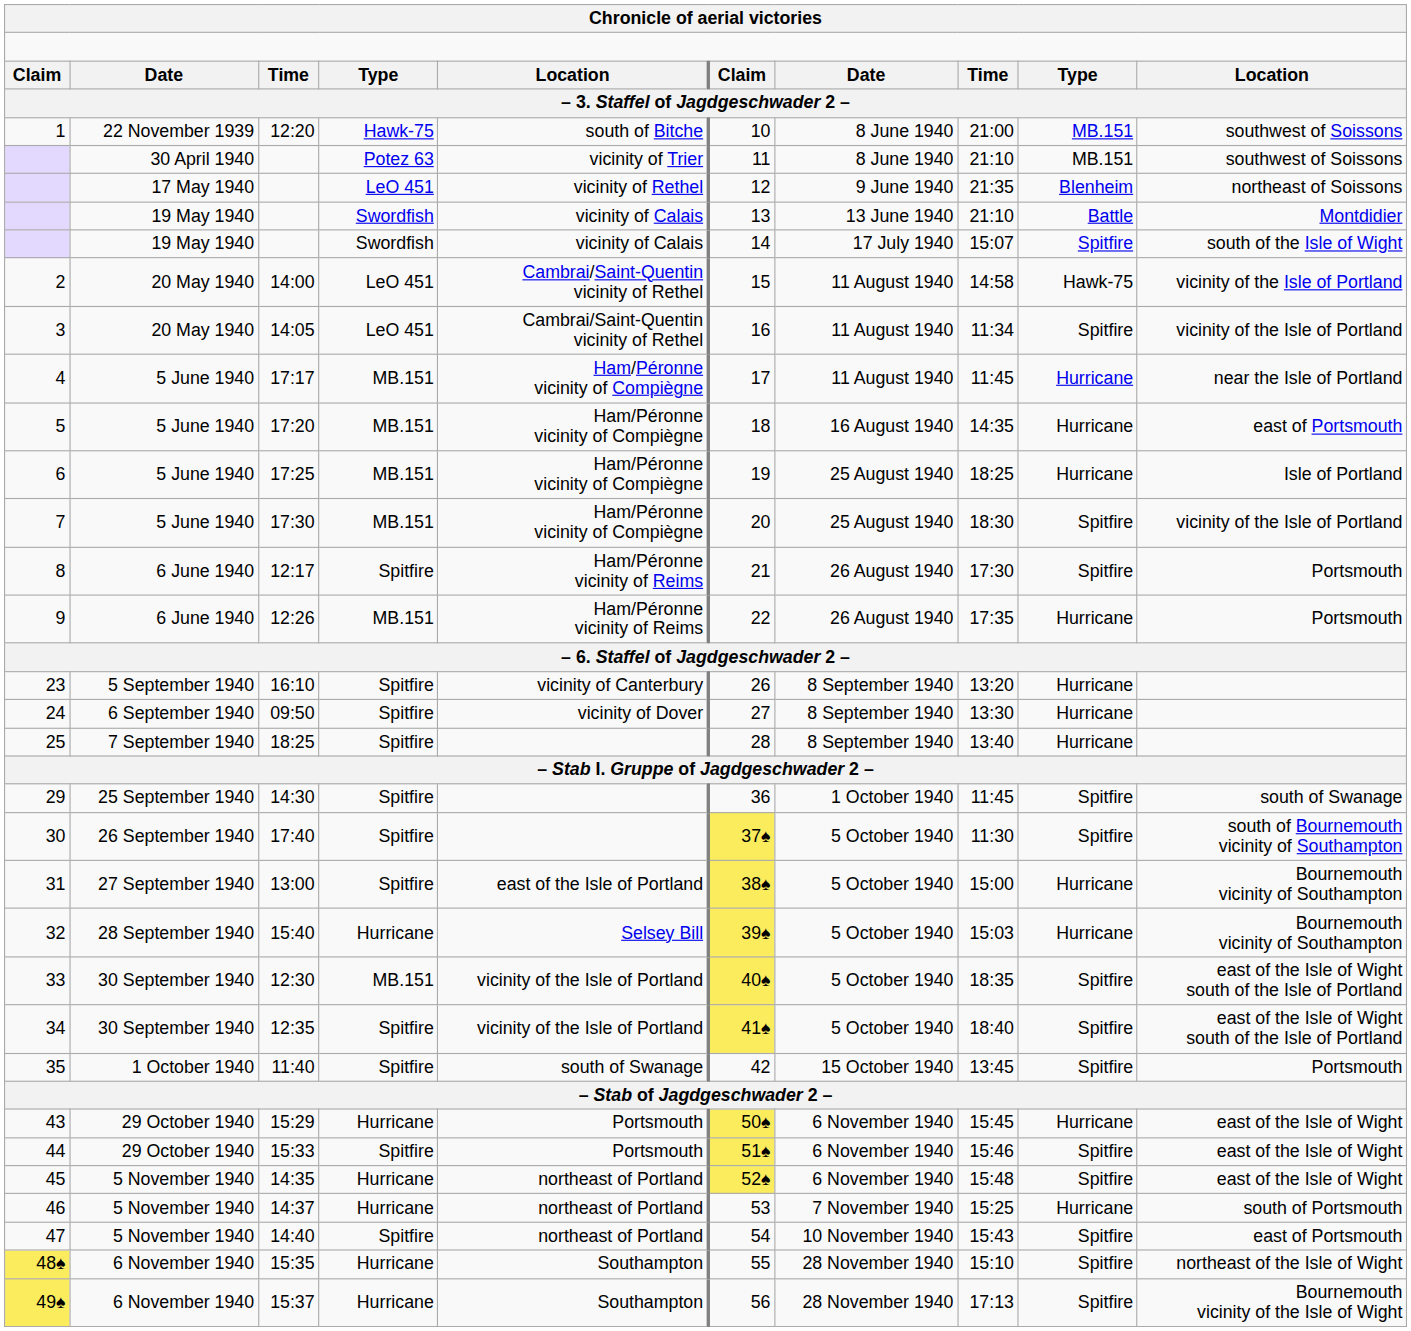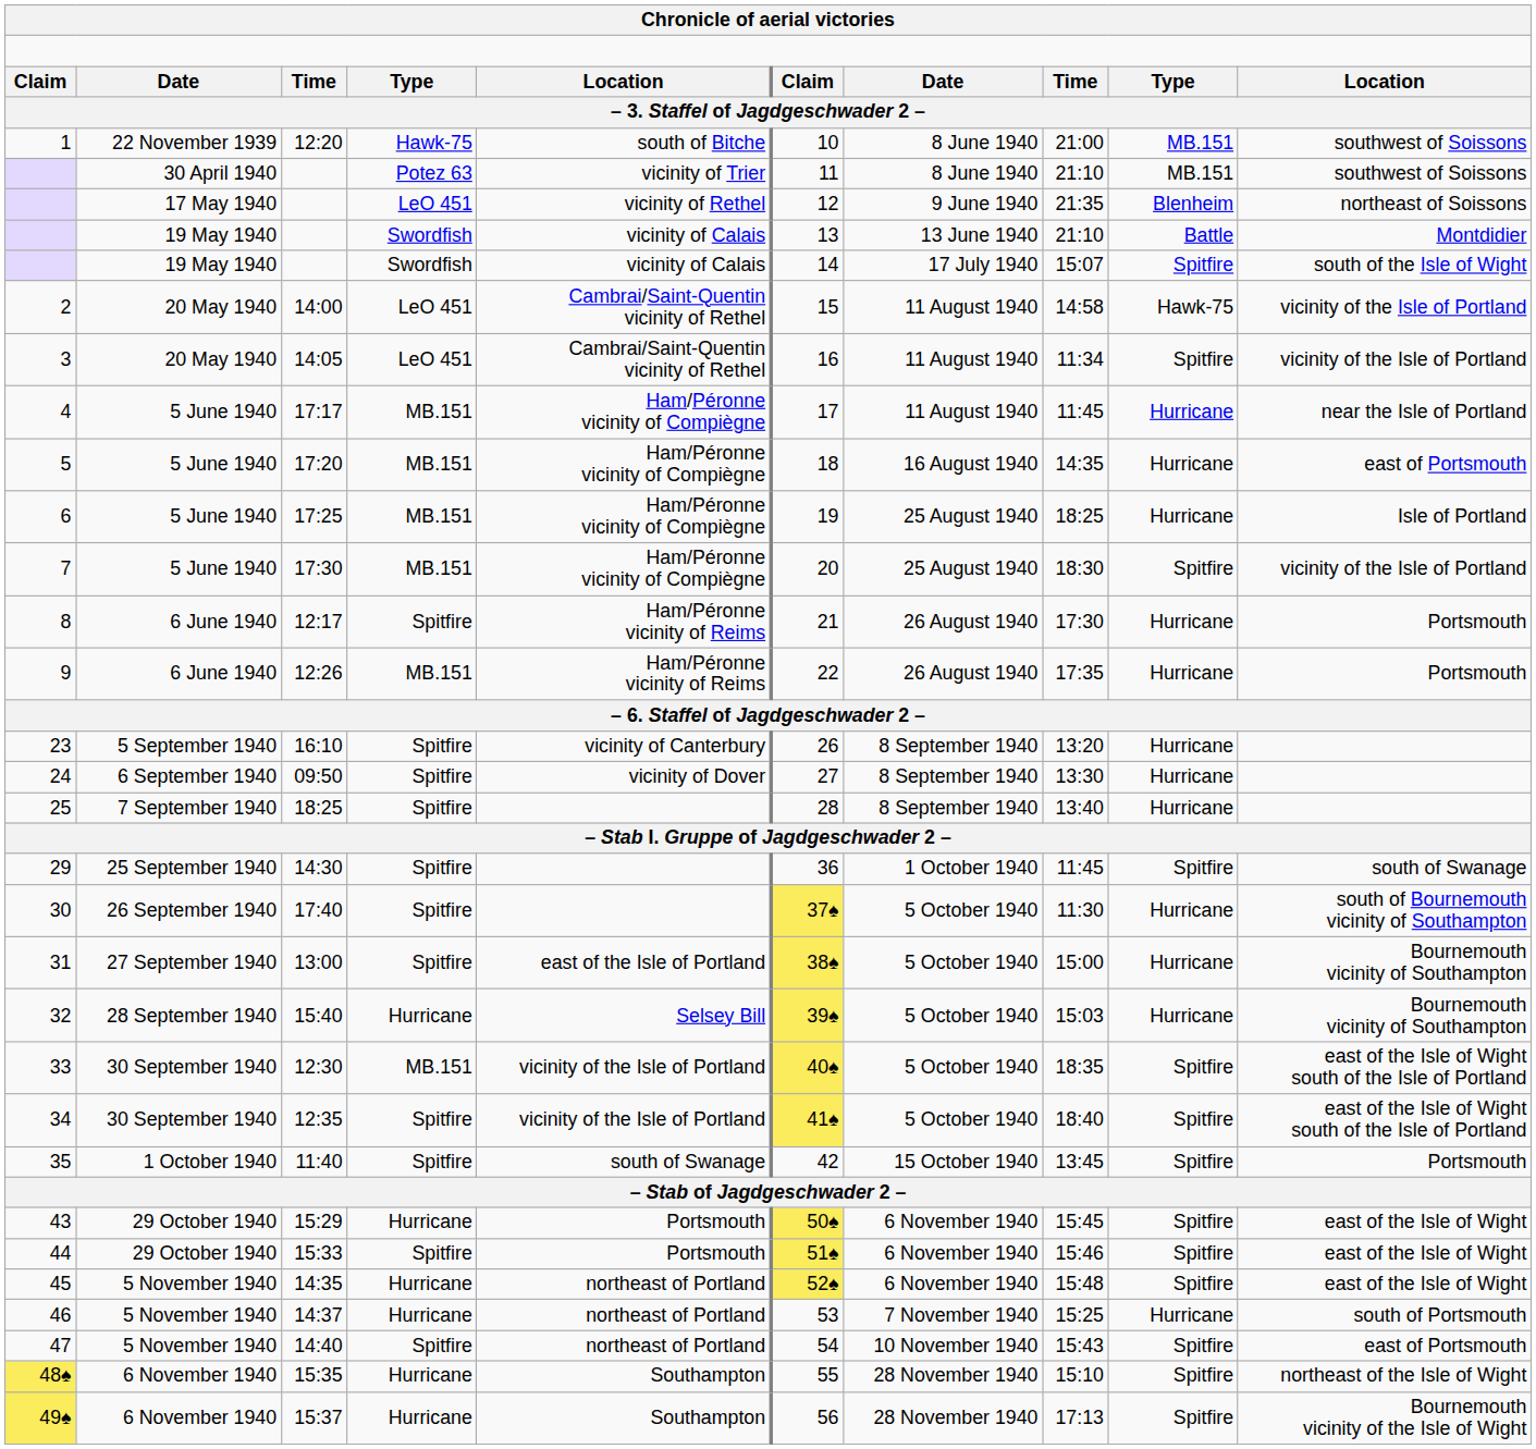 <table class="wikitable plainrowheaders collapsible" style="margin-left: auto; margin-right: auto; border: none; text-align:right; width: 100%;">
 <tr>
 <th colspan="10">Chronicle of aerial victories</th>
 </tr>
 <tr>
 <td colspan="10" style="text-align: left;"><br> </td>
 </tr>
 <tr>
 <th scope="col">Claim</th>
 <th scope="col">Date</th>
 <th scope="col">Time</th>
 <th scope="col" width="100px">Type</th>
 <th scope="col">Location</th>
 <th scope="col" style="border-left: 3px solid grey;">Claim</th>
 <th scope="col">Date</th>
 <th scope="col">Time</th>
 <th scope="col" width="100px">Type</th>
 <th scope="col">Location</th>
 </tr>
 <tr>
 <th colspan="10">– 3. <em>Staffel</em> of <em>Jagdgeschwader</em> 2 –</th>
 </tr>
 <tr>
 <td>1</td>
 <td>22 November 1939</td>
 <td>12:20</td>
 <td><a href='#'>Hawk-75</a></td>
 <td>south of <a href='#'>Bitche</a></td>
 <td style="border-left: 3px solid grey;">10</td>
 <td>8 June 1940</td>
 <td>21:00</td>
 <td><a href='#'>MB.151</a></td>
 <td>southwest of <a href='#'>Soissons</a></td>
 </tr>
 <tr>
 <td style="background:#e3d9ff;"></td>
 <td>30 April 1940</td>
 <td></td>
 <td><a href='#'>Potez 63</a></td>
 <td>vicinity of <a href='#'>Trier</a></td>
 <td style="border-left: 3px solid grey;">11</td>
 <td>8 June 1940</td>
 <td>21:10</td>
 <td>MB.151</td>
 <td>southwest of Soissons</td>
 </tr>
 <tr>
 <td style="background:#e3d9ff;"></td>
 <td>17 May 1940</td>
 <td></td>
 <td><a href='#'>LeO 451</a></td>
 <td>vicinity of <a href='#'>Rethel</a></td>
 <td style="border-left: 3px solid grey;">12</td>
 <td>9 June 1940</td>
 <td>21:35</td>
 <td><a href='#'>Blenheim</a></td>
 <td>northeast of Soissons</td>
 </tr>
 <tr>
 <td style="background:#e3d9ff;"></td>
 <td>19 May 1940</td>
 <td></td>
 <td><a href='#'>Swordfish</a></td>
 <td>vicinity of <a href='#'>Calais</a></td>
 <td style="border-left: 3px solid grey;">13</td>
 <td>13 June 1940</td>
 <td>21:10</td>
 <td><a href='#'>Battle</a></td>
 <td><a href='#'>Montdidier</a></td>
 </tr>
 <tr>
 <td style="background:#e3d9ff;"></td>
 <td>19 May 1940</td>
 <td></td>
 <td>Swordfish</td>
 <td>vicinity of Calais</td>
 <td style="border-left: 3px solid grey;">14</td>
 <td>17 July 1940</td>
 <td>15:07</td>
 <td><a href='#'>Spitfire</a></td>
 <td>south of the <a href='#'>Isle of Wight</a></td>
 </tr>
 <tr>
 <td>2</td>
 <td>20 May 1940</td>
 <td>14:00</td>
 <td>LeO 451</td>
 <td><a href='#'>Cambrai</a>/<a href='#'>Saint-Quentin</a><br>vicinity of Rethel</td>
 <td style="border-left: 3px solid grey;">15</td>
 <td>11 August 1940</td>
 <td>14:58</td>
 <td>Hawk-75</td>
 <td>vicinity of the <a href='#'>Isle of Portland</a></td>
 </tr>
 <tr>
 <td>3</td>
 <td>20 May 1940</td>
 <td>14:05</td>
 <td>LeO 451</td>
 <td>Cambrai/Saint-Quentin<br>vicinity of Rethel</td>
 <td style="border-left: 3px solid grey;">16</td>
 <td>11 August 1940</td>
 <td>11:34</td>
 <td>Spitfire</td>
 <td>vicinity of the Isle of Portland</td>
 </tr>
 <tr>
 <td>4</td>
 <td>5 June 1940</td>
 <td>17:17</td>
 <td>MB.151</td>
 <td><a href='#'>Ham</a>/<a href='#'>Péronne</a><br>vicinity of <a href='#'>Compiègne</a></td>
 <td style="border-left: 3px solid grey;">17</td>
 <td>11 August 1940</td>
 <td>11:45</td>
 <td><a href='#'>Hurricane</a></td>
 <td> near the Isle of Portland</td>
 </tr>
 <tr>
 <td>5</td>
 <td>5 June 1940</td>
 <td>17:20</td>
 <td>MB.151</td>
 <td>Ham/Péronne<br>vicinity of Compiègne</td>
 <td style="border-left: 3px solid grey;">18</td>
 <td>16 August 1940</td>
 <td>14:35</td>
 <td>Hurricane</td>
 <td>east of <a href='#'>Portsmouth</a></td>
 </tr>
 <tr>
 <td>6</td>
 <td>5 June 1940</td>
 <td>17:25</td>
 <td>MB.151</td>
 <td>Ham/Péronne<br>vicinity of Compiègne</td>
 <td style="border-left: 3px solid grey;">19</td>
 <td>25 August 1940</td>
 <td>18:25</td>
 <td>Hurricane</td>
 <td>Isle of Portland</td>
 </tr>
 <tr>
 <td>7</td>
 <td>5 June 1940</td>
 <td>17:30</td>
 <td>MB.151</td>
 <td>Ham/Péronne<br>vicinity of Compiègne</td>
 <td style="border-left: 3px solid grey;">20</td>
 <td>25 August 1940</td>
 <td>18:30</td>
 <td>Spitfire</td>
 <td>vicinity of the Isle of Portland</td>
 </tr>
 <tr>
 <td>8</td>
 <td>6 June 1940</td>
 <td>12:17</td>
 <td>Spitfire</td>
 <td>Ham/Péronne<br>vicinity of <a href='#'>Reims</a></td>
 <td style="border-left: 3px solid grey;">21</td>
 <td>26 August 1940</td>
 <td>17:30</td>
-<td>Spitfire</td>
+<td>Hurricane</td>
 <td>Portsmouth</td>
 </tr>
 <tr>
 <td>9</td>
 <td>6 June 1940</td>
 <td>12:26</td>
 <td>MB.151</td>
 <td>Ham/Péronne<br>vicinity of Reims</td>
 <td style="border-left: 3px solid grey;">22</td>
 <td>26 August 1940</td>
 <td>17:35</td>
 <td>Hurricane</td>
 <td>Portsmouth</td>
 </tr>
 <tr>
 <th colspan="10">– 6. <em>Staffel</em> of <em>Jagdgeschwader</em> 2 –</th>
 </tr>
 <tr>
 <td>23</td>
 <td>5 September 1940</td>
 <td>16:10</td>
 <td>Spitfire</td>
 <td>vicinity of Canterbury</td>
 <td style="border-left: 3px solid grey;">26</td>
 <td>8 September 1940</td>
 <td>13:20</td>
 <td>Hurricane</td>
 <td></td>
 </tr>
 <tr>
 <td>24</td>
 <td>6 September 1940</td>
 <td>09:50</td>
 <td>Spitfire</td>
 <td>vicinity of Dover</td>
 <td style="border-left: 3px solid grey;">27</td>
 <td>8 September 1940</td>
 <td>13:30</td>
 <td>Hurricane</td>
 <td></td>
 </tr>
 <tr>
 <td>25</td>
 <td>7 September 1940</td>
 <td>18:25</td>
 <td>Spitfire</td>
 <td></td>
 <td style="border-left: 3px solid grey;">28</td>
 <td>8 September 1940</td>
 <td>13:40</td>
 <td>Hurricane</td>
 <td></td>
 </tr>
 <tr>
 <th colspan="10">– <em>Stab</em> I. <em>Gruppe</em> of <em>Jagdgeschwader</em> 2 –</th>
 </tr>
 <tr>
 <td>29</td>
 <td>25 September 1940</td>
 <td>14:30</td>
 <td>Spitfire</td>
 <td></td>
 <td style="border-left: 3px solid grey;">36</td>
 <td>1 October 1940</td>
 <td>11:45</td>
 <td>Spitfire</td>
 <td>south of Swanage</td>
 </tr>
 <tr>
 <td>30</td>
 <td>26 September 1940</td>
 <td>17:40</td>
 <td>Spitfire</td>
 <td></td>
 <td style="border-left: 3px solid grey; background:#fbec5d;">37♠</td>
 <td>5 October 1940</td>
 <td>11:30</td>
-<td>Spitfire</td>
+<td>Hurricane</td>
 <td>south of <a href='#'>Bournemouth</a><br>vicinity of <a href='#'>Southampton</a></td>
 </tr>
 <tr>
 <td>31</td>
 <td>27 September 1940</td>
 <td>13:00</td>
 <td>Spitfire</td>
 <td>east of the Isle of Portland</td>
 <td style="border-left: 3px solid grey; background:#fbec5d;">38♠</td>
 <td>5 October 1940</td>
 <td>15:00</td>
 <td>Hurricane</td>
 <td>Bournemouth<br>vicinity of Southampton</td>
 </tr>
 <tr>
 <td>32</td>
 <td>28 September 1940</td>
 <td>15:40</td>
 <td>Hurricane</td>
 <td><a href='#'>Selsey Bill</a></td>
 <td style="border-left: 3px solid grey; background:#fbec5d;">39♠</td>
 <td>5 October 1940</td>
 <td>15:03</td>
 <td>Hurricane</td>
 <td>Bournemouth<br>vicinity of Southampton</td>
 </tr>
 <tr>
 <td>33</td>
 <td>30 September 1940</td>
 <td>12:30</td>
 <td>MB.151</td>
 <td>vicinity of the Isle of Portland</td>
 <td style="border-left: 3px solid grey; background:#fbec5d;">40♠</td>
 <td>5 October 1940</td>
 <td>18:35</td>
 <td>Spitfire</td>
 <td>east of the Isle of Wight<br>south of the Isle of Portland</td>
 </tr>
 <tr>
 <td>34</td>
 <td>30 September 1940</td>
 <td>12:35</td>
 <td>Spitfire</td>
 <td>vicinity of the Isle of Portland</td>
 <td style="border-left: 3px solid grey; background:#fbec5d;">41♠</td>
 <td>5 October 1940</td>
 <td>18:40</td>
 <td>Spitfire</td>
 <td>east of the Isle of Wight<br>south of the Isle of Portland</td>
 </tr>
 <tr>
 <td>35</td>
 <td>1 October 1940</td>
 <td>11:40</td>
 <td>Spitfire</td>
 <td>south of Swanage</td>
 <td style="border-left: 3px solid grey;">42</td>
 <td>15 October 1940</td>
 <td>13:45</td>
 <td>Spitfire</td>
 <td>Portsmouth</td>
 </tr>
 <tr>
 <th colspan="10">– <em>Stab</em> of <em>Jagdgeschwader</em> 2 –</th>
 </tr>
 <tr>
 <td>43</td>
 <td>29 October 1940</td>
 <td>15:29</td>
 <td>Hurricane</td>
 <td>Portsmouth</td>
 <td style="border-left: 3px solid grey; background:#fbec5d;">50♠</td>
 <td>6 November 1940</td>
 <td>15:45</td>
-<td>Hurricane</td>
+<td>Spitfire</td>
 <td>east of the Isle of Wight</td>
 </tr>
 <tr>
 <td>44</td>
 <td>29 October 1940</td>
 <td>15:33</td>
 <td>Spitfire</td>
 <td>Portsmouth</td>
 <td style="border-left: 3px solid grey; background:#fbec5d;">51♠</td>
 <td>6 November 1940</td>
 <td>15:46</td>
 <td>Spitfire</td>
 <td>east of the Isle of Wight</td>
 </tr>
 <tr>
 <td>45</td>
 <td>5 November 1940</td>
 <td>14:35</td>
 <td>Hurricane</td>
 <td>northeast of Portland</td>
 <td style="border-left: 3px solid grey; background:#fbec5d;">52♠</td>
 <td>6 November 1940</td>
 <td>15:48</td>
 <td>Spitfire</td>
 <td>east of the Isle of Wight</td>
 </tr>
 <tr>
 <td>46</td>
 <td>5 November 1940</td>
 <td>14:37</td>
 <td>Hurricane</td>
 <td>northeast of Portland</td>
 <td style="border-left: 3px solid grey;">53</td>
 <td>7 November 1940</td>
 <td>15:25</td>
 <td>Hurricane</td>
 <td>south of Portsmouth</td>
 </tr>
 <tr>
 <td>47</td>
 <td>5 November 1940</td>
 <td>14:40</td>
 <td>Spitfire</td>
 <td>northeast of Portland</td>
 <td style="border-left: 3px solid grey;">54</td>
 <td>10 November 1940</td>
 <td>15:43</td>
 <td>Spitfire</td>
 <td>east of Portsmouth</td>
 </tr>
 <tr>
 <td style="background:#fbec5d;">48♠</td>
 <td>6 November 1940</td>
 <td>15:35</td>
 <td>Hurricane</td>
 <td>Southampton</td>
 <td style="border-left: 3px solid grey;">55</td>
 <td>28 November 1940</td>
 <td>15:10</td>
 <td>Spitfire</td>
 <td>northeast of the Isle of Wight</td>
 </tr>
 <tr>
 <td style="background:#fbec5d;">49♠</td>
 <td>6 November 1940</td>
 <td>15:37</td>
 <td>Hurricane</td>
 <td>Southampton</td>
 <td style="border-left: 3px solid grey;">56</td>
 <td>28 November 1940</td>
 <td>17:13</td>
 <td>Spitfire</td>
 <td>Bournemouth<br>vicinity of the Isle of Wight</td>
 </tr>
 </table>
